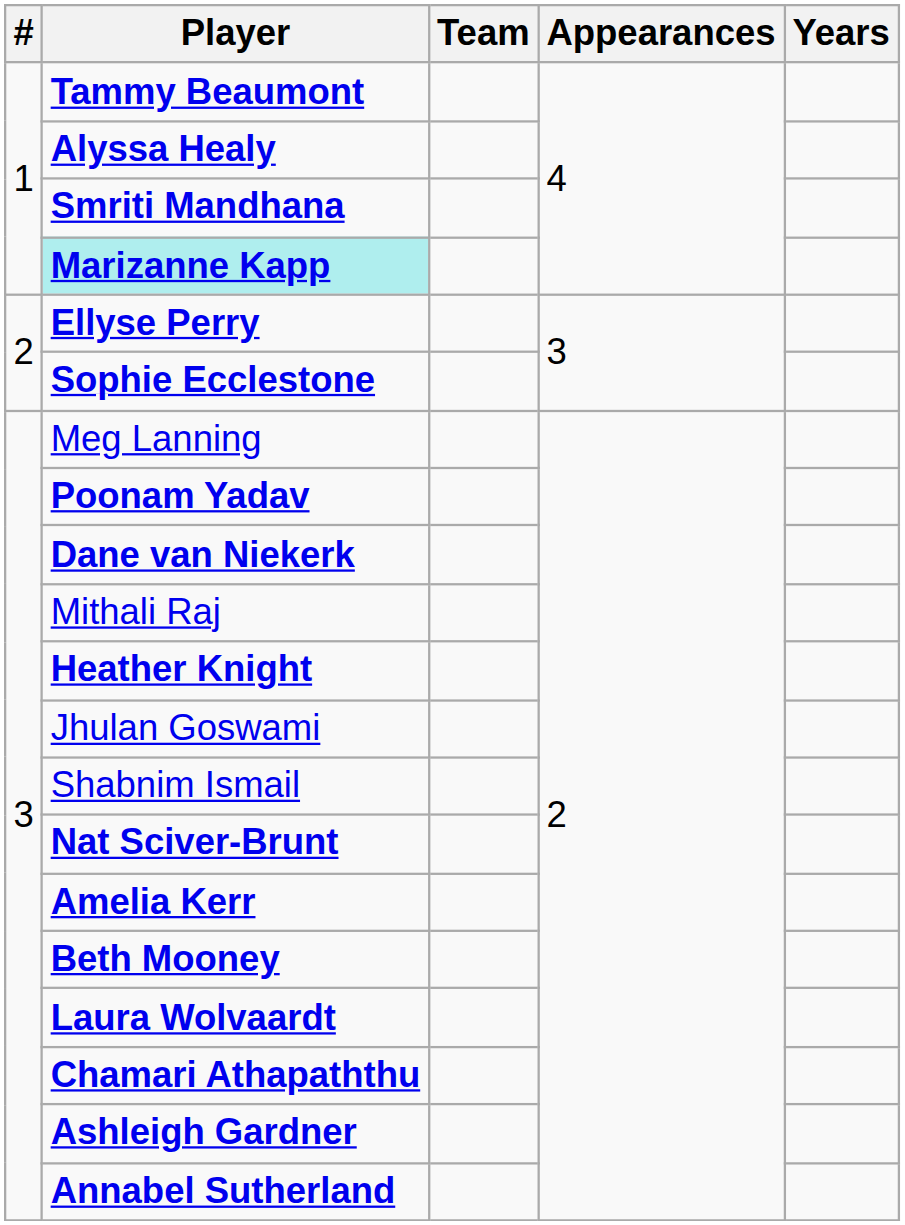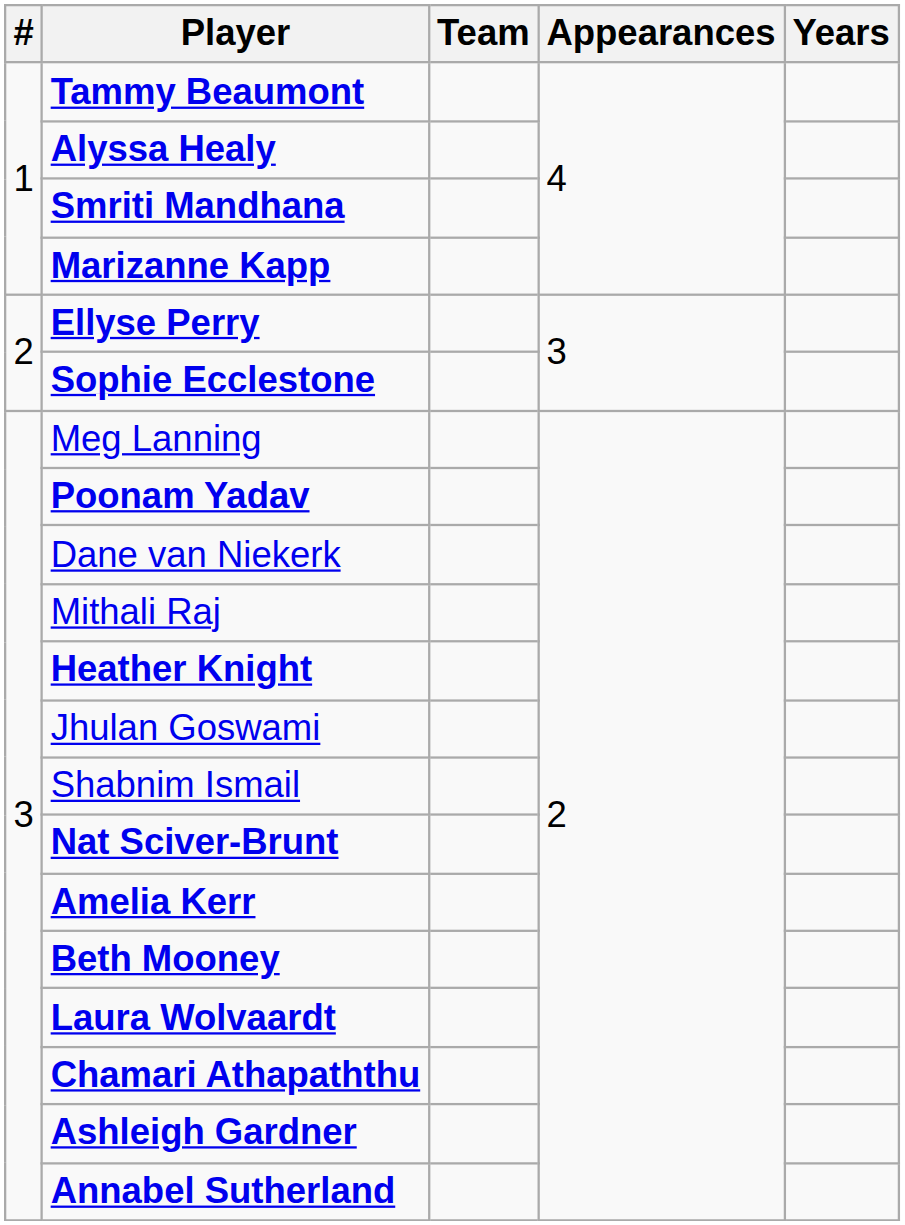 <table class="wikitable">
 <tr>
 <th>#</th>
 <th>Player</th>
 <th>Team</th>
 <th>Appearances</th>
 <th>Years</th>
 </tr>
 <tr>
 <td rowspan="4">1</td>
 <td><strong><a href='#'>Tammy Beaumont</a></strong></td>
 <td></td>
 <td rowspan="4">4</td>
 <td></td>
 </tr>
 <tr>
 <td><strong><a href='#'>Alyssa Healy</a></strong></td>
 <td></td>
 <td></td>
 </tr>
 <tr>
 <td><strong><a href='#'>Smriti Mandhana</a></strong></td>
 <td></td>
 <td></td>
 </tr>
 <tr>
-<td style="background: paleturquoise;"><strong><a href='#'>Marizanne Kapp</a></strong></td>
+<td><strong><a href='#'>Marizanne Kapp</a></strong></td>
 <td></td>
 <td></td>
 </tr>
 <tr>
 <td rowspan="2">2</td>
 <td><strong><a href='#'>Ellyse Perry</a></strong></td>
 <td></td>
 <td rowspan="2">3</td>
 <td></td>
 </tr>
 <tr>
 <td><strong><a href='#'>Sophie Ecclestone</a></strong></td>
 <td></td>
 <td></td>
 </tr>
 <tr>
 <td rowspan="14">3</td>
 <td><a href='#'>Meg Lanning</a></td>
 <td></td>
 <td rowspan="14">2</td>
 <td></td>
 </tr>
 <tr>
 <td><strong><a href='#'>Poonam Yadav</a></strong></td>
 <td></td>
 <td></td>
 </tr>
 <tr>
-<td><strong><a href='#'>Dane van Niekerk</a></strong></td>
+<td><a href='#'>Dane van Niekerk</a></td>
 <td></td>
 <td></td>
 </tr>
 <tr>
 <td><a href='#'>Mithali Raj</a></td>
 <td></td>
 <td></td>
 </tr>
 <tr>
 <td><strong><a href='#'>Heather Knight</a></strong></td>
 <td></td>
 <td></td>
 </tr>
 <tr>
 <td><a href='#'>Jhulan Goswami</a></td>
 <td></td>
 <td></td>
 </tr>
 <tr>
 <td><a href='#'>Shabnim Ismail</a></td>
 <td></td>
 <td></td>
 </tr>
 <tr>
 <td><strong><a href='#'>Nat Sciver-Brunt</a></strong></td>
 <td></td>
 <td></td>
 </tr>
 <tr>
 <td><strong><a href='#'>Amelia Kerr</a></strong></td>
 <td></td>
 <td></td>
 </tr>
 <tr>
 <td><strong><a href='#'>Beth Mooney</a></strong></td>
 <td></td>
 <td></td>
 </tr>
 <tr>
 <td><strong><a href='#'>Laura Wolvaardt</a></strong></td>
 <td></td>
 <td></td>
 </tr>
 <tr>
 <td><strong><a href='#'>Chamari Athapaththu</a></strong></td>
 <td></td>
 <td></td>
 </tr>
 <tr>
 <td><strong><a href='#'>Ashleigh Gardner</a></strong></td>
 <td></td>
 <td></td>
 </tr>
 <tr>
 <td><strong><a href='#'>Annabel Sutherland</a></strong></td>
 <td></td>
 <td></td>
 </tr>
 </table>
